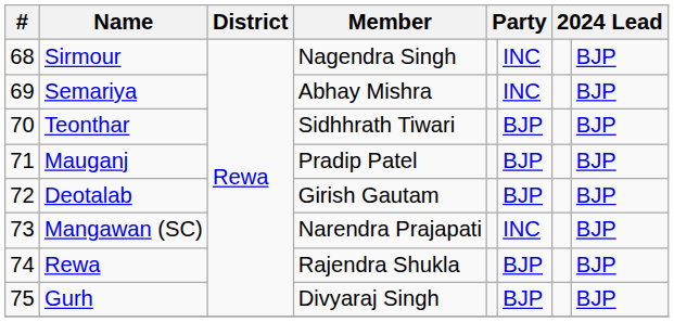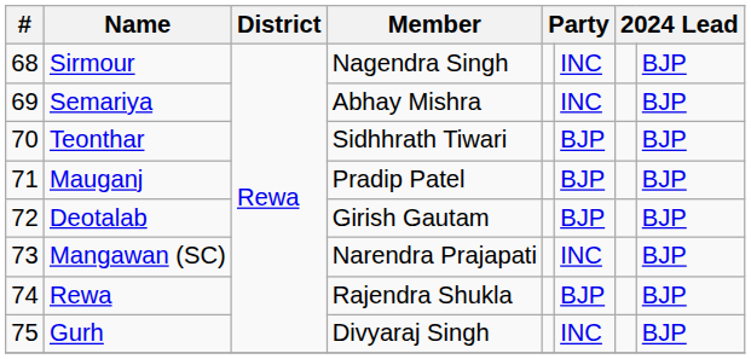 <table class="wikitable">
 <tr>
 <th>#</th>
 <th>Name</th>
 <th>District</th>
 <th>Member</th>
 <th colspan="2">Party</th>
 <th colspan="2">2024 Lead</th>
 </tr>
 <tr>
 <td>68</td>
 <td><a href='#'>Sirmour</a></td>
 <td rowspan="8"><a href='#'>Rewa</a></td>
 <td>Nagendra Singh</td>
 <td style="background-color: "></td>
 <td><a href='#'>INC</a></td>
 <td style="background-color: "></td>
 <td><a href='#'>BJP</a></td>
 </tr>
 <tr>
 <td>69</td>
 <td><a href='#'>Semariya</a></td>
 <td>Abhay Mishra</td>
 <td style="background-color: "></td>
 <td><a href='#'>INC</a></td>
 <td style="background-color: "></td>
 <td><a href='#'>BJP</a></td>
 </tr>
 <tr>
 <td>70</td>
 <td><a href='#'>Teonthar</a></td>
 <td>Sidhhrath Tiwari</td>
 <td style="background-color: "></td>
 <td><a href='#'>BJP</a></td>
 <td style="background-color: "></td>
 <td><a href='#'>BJP</a></td>
 </tr>
 <tr>
 <td>71</td>
 <td><a href='#'>Mauganj</a></td>
 <td>Pradip Patel</td>
 <td style="background-color: "></td>
 <td><a href='#'>BJP</a></td>
 <td style="background-color: "></td>
 <td><a href='#'>BJP</a></td>
 </tr>
 <tr>
 <td>72</td>
 <td><a href='#'>Deotalab</a></td>
 <td>Girish Gautam</td>
 <td style="background-color: "></td>
 <td><a href='#'>BJP</a></td>
 <td style="background-color: "></td>
 <td><a href='#'>BJP</a></td>
 </tr>
 <tr>
 <td>73</td>
 <td><a href='#'>Mangawan</a> (SC)</td>
 <td>Narendra Prajapati</td>
 <td style="background-color: "></td>
 <td><a href='#'>INC</a></td>
 <td style="background-color: "></td>
 <td><a href='#'>BJP</a></td>
 </tr>
 <tr>
 <td>74</td>
 <td><a href='#'>Rewa</a></td>
 <td>Rajendra Shukla</td>
 <td style="background-color: "></td>
 <td><a href='#'>BJP</a></td>
 <td style="background-color: "></td>
 <td><a href='#'>BJP</a></td>
 </tr>
 <tr>
 <td>75</td>
 <td><a href='#'>Gurh</a></td>
 <td>Divyaraj Singh</td>
 <td style="background-color: "></td>
-<td><a href='#'>BJP</a></td>
+<td><a href='#'>INC</a></td>
 <td style="background-color: "></td>
 <td><a href='#'>BJP</a></td>
 </tr>
 <tr>
 </tr>
 </table>
